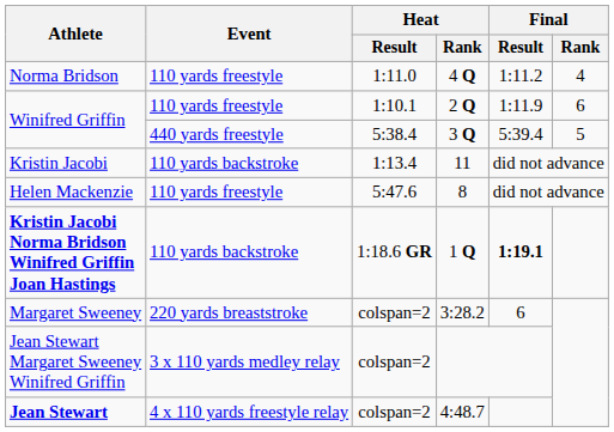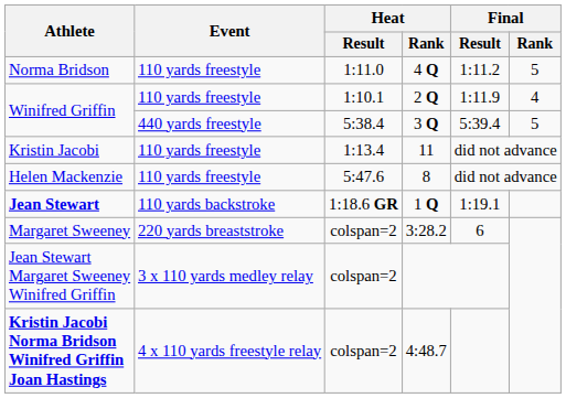 <table class=wikitable style=font-size:90%>
 <tr>
 <th rowspan=2>Athlete</th>
 <th rowspan=2>Event</th>
 <th colspan=2>Heat</th>
 <th colspan=2>Final</th>
 </tr>
 <tr style=font-size:95%>
 <th>Result</th>
 <th>Rank</th>
 <th>Result</th>
 <th>Rank</th>
 </tr>
 <tr align=center>
 <td align=left><a href='#'>Norma Bridson</a></td>
 <td align=left><a href='#'>110 yards freestyle</a></td>
 <td>1:11.0</td>
 <td>4 <strong>Q</strong></td>
 <td>1:11.2</td>
-<td>4</td>
+<td>5</td>
 </tr>
 <tr align=center>
 <td align=left rowspan=2><a href='#'>Winifred Griffin</a></td>
 <td align=left><a href='#'>110 yards freestyle</a></td>
 <td>1:10.1</td>
 <td>2 <strong>Q</strong></td>
 <td>1:11.9</td>
-<td>6</td>
+<td>4</td>
 </tr>
 <tr align=center>
 <td align=left><a href='#'>440 yards freestyle</a></td>
 <td>5:38.4</td>
 <td>3 <strong>Q</strong></td>
 <td>5:39.4</td>
 <td>5</td>
 </tr>
 <tr align=center>
 <td align=left><a href='#'>Kristin Jacobi</a></td>
-<td align=left><a href='#'>110 yards backstroke</a></td>
+<td align=left><a href='#'>110 yards freestyle</a></td>
 <td>1:13.4</td>
 <td>11</td>
 <td colspan=2>did not advance</td>
 </tr>
 <tr align=center>
 <td align=left><a href='#'>Helen Mackenzie</a></td>
 <td align=left><a href='#'>110 yards freestyle</a></td>
 <td>5:47.6</td>
 <td>8</td>
 <td colspan=2>did not advance</td>
 </tr>
 <tr align=center>
-<td align=left><strong><a href='#'>Kristin Jacobi</a><br><a href='#'>Norma Bridson</a><br><a href='#'>Winifred Griffin</a><br><a href='#'>Joan Hastings</a></strong></td>
+<td align=left><strong><a href='#'>Jean Stewart</a></strong></td>
 <td align=left><a href='#'>110 yards backstroke</a></td>
 <td>1:18.6 <strong>GR</strong></td>
 <td>1 <strong>Q</strong></td>
-<td><strong>1:19.1</strong></td>
+<td>1:19.1</td>
 <td></td>
 </tr>
 <tr align=center>
 <td align=left><a href='#'>Margaret Sweeney</a></td>
 <td align=left><a href='#'>220 yards breaststroke</a></td>
 <td>colspan=2 </td>
 <td>3:28.2</td>
 <td>6</td>
 </tr>
 <tr align=center>
 <td align=left><a href='#'>Jean Stewart</a><br><a href='#'>Margaret Sweeney</a><br><a href='#'>Winifred Griffin</a></td>
 <td align=left><a href='#'>3 x 110 yards medley relay</a></td>
 <td>colspan=2 </td>
 <td colspan=2></td>
 </tr>
 <tr align=center>
-<td align=left><strong><a href='#'>Jean Stewart</a></strong></td>
+<td align=left><strong><a href='#'>Kristin Jacobi</a><br><a href='#'>Norma Bridson</a><br><a href='#'>Winifred Griffin</a><br><a href='#'>Joan Hastings</a></strong></td>
 <td align=left><a href='#'>4 x 110 yards freestyle relay</a></td>
 <td>colspan=2 </td>
 <td>4:48.7</td>
 <td></td>
 </tr>
 </table>
